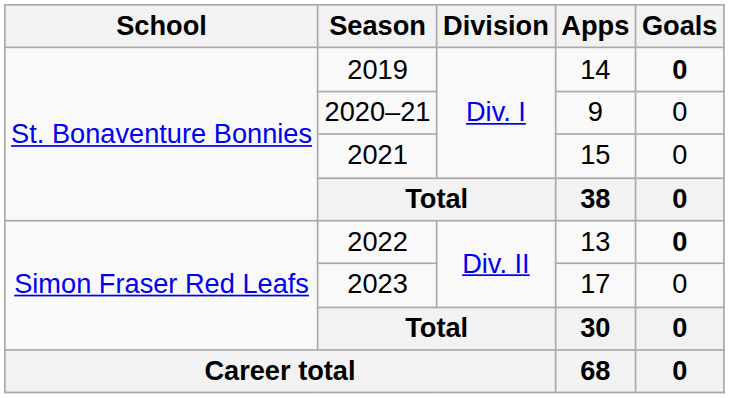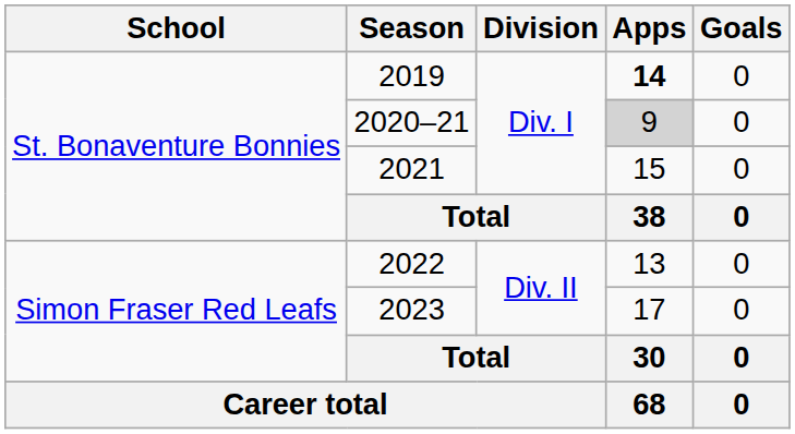 <table class="wikitable" style="text-align: center;">
 <tr>
 <th>School</th>
 <th>Season</th>
 <th>Division</th>
 <th>Apps</th>
 <th>Goals</th>
 </tr>
 <tr>
 <td rowspan="4"><a href='#'>St. Bonaventure Bonnies</a></td>
 <td>2019</td>
 <td rowspan="3"><a href='#'>Div. I</a></td>
-<td>14</td>
-<td><strong>0</strong></td>
+<td><strong>14</strong></td>
+<td>0</td>
 </tr>
 <tr>
 <td>2020–21</td>
-<td>9</td>
+<td style="background: lightgrey;">9</td>
 <td>0</td>
 </tr>
 <tr>
 <td>2021</td>
 <td>15</td>
 <td>0</td>
 </tr>
 <tr>
 <th colspan="2">Total</th>
 <th>38</th>
 <th>0</th>
 </tr>
 <tr>
 <td rowspan="3"><a href='#'>Simon Fraser Red Leafs</a></td>
 <td>2022</td>
 <td rowspan="2"><a href='#'>Div. II</a></td>
 <td>13</td>
-<td><strong>0</strong></td>
+<td>0</td>
 </tr>
 <tr>
 <td>2023</td>
 <td>17</td>
 <td>0</td>
 </tr>
 <tr>
 <th colspan="2">Total</th>
 <th>30</th>
 <th>0</th>
 </tr>
 <tr>
 <th colspan="3">Career total</th>
 <th>68</th>
 <th>0</th>
 </tr>
 </table>
